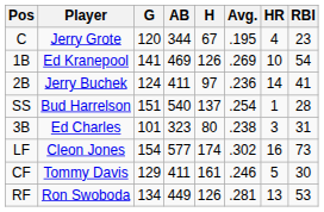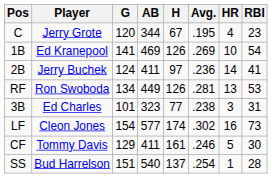 <table class="wikitable sortable">
 <tr>
 <th>Pos</th>
 <th>Player</th>
 <th>G</th>
 <th>AB</th>
 <th>H</th>
 <th>Avg.</th>
 <th>HR</th>
 <th>RBI</th>
 </tr>
 <tr align="center">
 <td>C</td>
 <td><a href='#'>Jerry Grote</a></td>
 <td>120</td>
 <td>344</td>
 <td>67</td>
 <td>.195</td>
 <td>4</td>
 <td>23</td>
 </tr>
 <tr align=center>
 <td>1B</td>
 <td><a href='#'>Ed Kranepool</a></td>
 <td>141</td>
 <td>469</td>
 <td>126</td>
 <td>.269</td>
 <td>10</td>
 <td>54</td>
 </tr>
 <tr align=center>
 <td>2B</td>
 <td><a href='#'>Jerry Buchek</a></td>
 <td>124</td>
 <td>411</td>
 <td>97</td>
 <td>.236</td>
 <td>14</td>
 <td>41</td>
 </tr>
 <tr align=center>
-<td>SS</td>
-<td><a href='#'>Bud Harrelson</a></td>
-<td>151</td>
-<td>540</td>
-<td>137</td>
-<td>.254</td>
-<td>1</td>
-<td>28</td>
+<td>RF</td>
+<td><a href='#'>Ron Swoboda</a></td>
+<td>134</td>
+<td>449</td>
+<td>126</td>
+<td>.281</td>
+<td>13</td>
+<td>53</td>
 </tr>
 <tr align=center>
 <td>3B</td>
 <td><a href='#'>Ed Charles</a></td>
 <td>101</td>
 <td>323</td>
-<td>80</td>
+<td>77</td>
 <td>.238</td>
 <td>3</td>
 <td>31</td>
 </tr>
 <tr align=center>
 <td>LF</td>
 <td><a href='#'>Cleon Jones</a></td>
 <td>154</td>
 <td>577</td>
 <td>174</td>
 <td>.302</td>
 <td>16</td>
 <td>73</td>
 </tr>
 <tr align=center>
 <td>CF</td>
 <td><a href='#'>Tommy Davis</a></td>
 <td>129</td>
 <td>411</td>
 <td>161</td>
 <td>.246</td>
 <td>5</td>
 <td>30</td>
 </tr>
 <tr align=center>
-<td>RF</td>
-<td><a href='#'>Ron Swoboda</a></td>
-<td>134</td>
-<td>449</td>
-<td>126</td>
-<td>.281</td>
-<td>13</td>
-<td>53</td>
+<td>SS</td>
+<td><a href='#'>Bud Harrelson</a></td>
+<td>151</td>
+<td>540</td>
+<td>137</td>
+<td>.254</td>
+<td>1</td>
+<td>28</td>
 </tr>
 </table>
